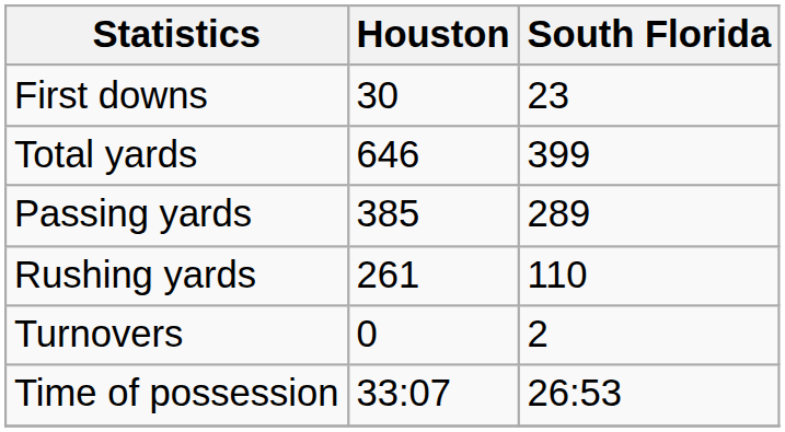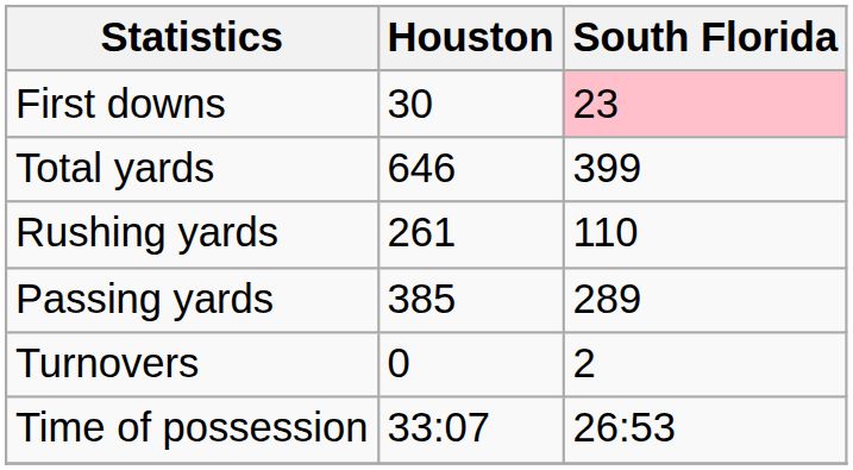 <table class="wikitable">
 <tr>
 <th>Statistics</th>
 <th>Houston</th>
 <th>South Florida</th>
 </tr>
 <tr>
 <td>First downs</td>
 <td>30</td>
-<td>23</td>
+<td style="background: pink;">23</td>
 </tr>
 <tr>
 <td>Total yards</td>
 <td>646</td>
 <td>399</td>
 </tr>
 <tr>
+<td>Rushing yards</td>
+<td>261</td>
+<td>110</td>
+</tr>
+<tr>
 <td>Passing yards</td>
 <td>385</td>
 <td>289</td>
-</tr>
-<tr>
-<td>Rushing yards</td>
-<td>261</td>
-<td>110</td>
 </tr>
 <tr>
 <td>Turnovers</td>
 <td>0</td>
 <td>2</td>
 </tr>
 <tr>
 <td>Time of possession</td>
 <td>33:07</td>
 <td>26:53</td>
 </tr>
 <tr>
 </tr>
 </table>
